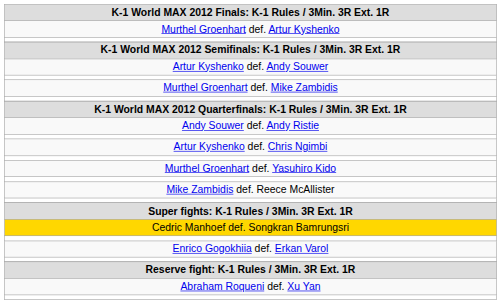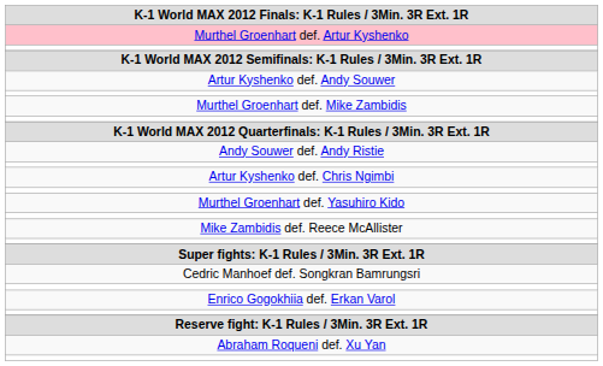 <table class="wikitable" width="60%">
 <tr align="center"  bgcolor="#dddddd">
 <td><strong>K-1 World MAX 2012 Finals: K-1 Rules / 3Min. 3R Ext. 1R</strong></td>
 </tr>
 <tr>
-<td align=center> <a href='#'>Murthel Groenhart</a> def. <a href='#'>Artur Kyshenko</a> </td>
+<td align=center style="background: pink;"> <a href='#'>Murthel Groenhart</a> def. <a href='#'>Artur Kyshenko</a> </td>
 </tr>
 <tr>
 <th style=background:white colspan=2></th>
 </tr>
 <tr>
 </tr>
 <tr align="center"  bgcolor="#dddddd">
 <td><strong>K-1 World MAX 2012 Semifinals: K-1 Rules / 3Min. 3R Ext. 1R</strong></td>
 </tr>
 <tr>
 <td align=center> <a href='#'>Artur Kyshenko</a> def. <a href='#'>Andy Souwer</a> </td>
 </tr>
 <tr>
 <th style=background:white colspan=2></th>
 </tr>
 <tr>
 <td align=center> <a href='#'>Murthel Groenhart</a> def. <a href='#'>Mike Zambidis</a> </td>
 </tr>
 <tr>
 <th style=background:white colspan=2></th>
 </tr>
 <tr>
 </tr>
 <tr align="center"  bgcolor="#dddddd">
 <td><strong>K-1 World MAX 2012 Quarterfinals: K-1 Rules / 3Min. 3R Ext. 1R</strong></td>
 </tr>
 <tr>
 <td align=center> <a href='#'>Andy Souwer</a> def. <a href='#'>Andy Ristie</a> </td>
 </tr>
 <tr>
 <th style=background:white colspan=2></th>
 </tr>
 <tr>
 <td align=center> <a href='#'>Artur Kyshenko</a> def. <a href='#'>Chris Ngimbi</a> </td>
 </tr>
 <tr>
 <th style=background:white colspan=2></th>
 </tr>
 <tr>
 <td align=center> <a href='#'>Murthel Groenhart</a> def. <a href='#'>Yasuhiro Kido</a> </td>
 </tr>
 <tr>
 <th style=background:white colspan=2></th>
 </tr>
 <tr>
 <td align=center> <a href='#'>Mike Zambidis</a> def. Reece McAllister </td>
 </tr>
 <tr>
 <th style=background:white colspan=2></th>
 </tr>
 <tr>
 </tr>
 <tr align="center"  bgcolor="#dddddd">
 <td><strong>Super fights: K-1 Rules / 3Min. 3R Ext. 1R</strong></td>
 </tr>
 <tr>
-<td align=center style="background: gold;"> Cedric Manhoef def. Songkran Bamrungsri </td>
+<td align=center> Cedric Manhoef def. Songkran Bamrungsri </td>
 </tr>
 <tr>
 <th style=background:white colspan=2></th>
 </tr>
 <tr>
 <td align=center> <a href='#'>Enrico Gogokhiia</a> def. <a href='#'>Erkan Varol</a> </td>
 </tr>
 <tr>
 <th style=background:white colspan=2></th>
 </tr>
 <tr>
 </tr>
 <tr align="center"  bgcolor="#dddddd">
 <td><strong>Reserve fight: K-1 Rules / 3Min. 3R Ext. 1R</strong></td>
 </tr>
 <tr>
 <td align=center> <a href='#'>Abraham Roqueni</a> def. <a href='#'>Xu Yan</a> </td>
 </tr>
 <tr>
 <th style=background:white colspan=2></th>
 </tr>
 </table>
